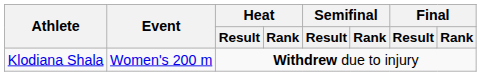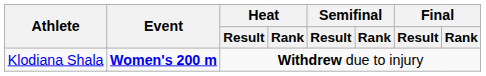 <table class="wikitable" style="font-size:100%">
 <tr>
 <th rowspan="2">Athlete</th>
 <th rowspan="2">Event</th>
 <th colspan="2">Heat</th>
 <th colspan="2">Semifinal</th>
 <th colspan="2">Final</th>
 </tr>
 <tr style="font-size:95%">
 <th>Result</th>
 <th>Rank</th>
 <th>Result</th>
 <th>Rank</th>
 <th>Result</th>
 <th>Rank</th>
 </tr>
 <tr align=center>
 <td align=left><a href='#'>Klodiana Shala</a></td>
-<td align=left><a href='#'>Women's 200 m</a></td>
+<td align=left><strong><a href='#'>Women's 200 m</a></strong></td>
 <td colspan=6><strong>Withdrew</strong> due to injury</td>
 </tr>
 </table>
